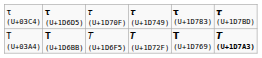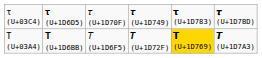 <table class="wikitable">
 <tr>
 <td>τ<br><small>(U+03C4)</small></td>
 <td>𝛕<br><small>(U+1D6D5)</small></td>
 <td>𝜏<br><small>(U+1D70F)</small></td>
 <td>𝝉<br><small>(U+1D749)</small></td>
 <td>𝞃<br><small>(U+1D783)</small></td>
 <td>𝞽<br><small>(U+1D7BD)</small></td>
 </tr>
 <tr>
 <td>Τ<br><small>(U+03A4)</small></td>
 <td>𝚻<br><small>(U+1D6BB)</small></td>
 <td>𝛵<br><small>(U+1D6F5)</small></td>
 <td>𝜯<br><small>(U+1D72F)</small></td>
-<td>𝝩<br><small>(U+1D769)</small></td>
-<td><strong>𝞣<br><small>(U+1D7A3)</small></strong></td>
+<td style="background: gold;">𝝩<br><small>(U+1D769)</small></td>
+<td>𝞣<br><small>(U+1D7A3)</small></td>
 </tr>
 </table>
